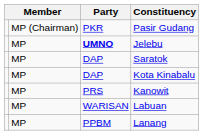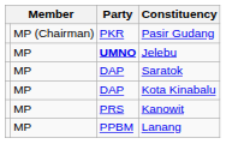 <table class="sortable wikitable">
 <tr>
 <th colspan="2" valign="top">Member</th>
 <th valign="top">Party</th>
 <th valign="top">Constituency</th>
 </tr>
 <tr>
 <td></td>
 <td> MP (Chairman)</td>
 <td><a href='#'>PKR</a></td>
 <td><a href='#'>Pasir Gudang</a></td>
 </tr>
 <tr>
 <td></td>
 <td> MP</td>
 <td><strong><a href='#'>UMNO</a></strong></td>
 <td><a href='#'>Jelebu</a></td>
 </tr>
 <tr>
 <td></td>
 <td> MP</td>
 <td><a href='#'>DAP</a></td>
 <td><a href='#'>Saratok</a></td>
 </tr>
 <tr>
 <td></td>
 <td> MP</td>
 <td><a href='#'>DAP</a></td>
 <td><a href='#'>Kota Kinabalu</a></td>
 </tr>
 <tr>
 <td></td>
 <td> MP</td>
 <td><a href='#'>PRS</a></td>
 <td><a href='#'>Kanowit</a></td>
 </tr>
 <tr>
 <td></td>
 <td> MP</td>
-<td><a href='#'>WARISAN</a></td>
-<td><a href='#'>Labuan</a></td>
-</tr>
-<tr>
-<td></td>
-<td> MP</td>
 <td><a href='#'>PPBM</a></td>
 <td><a href='#'>Lanang</a></td>
 </tr>
 </table>
